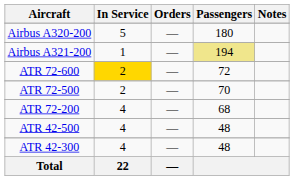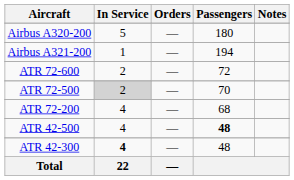 <table class="wikitable" style="margin:0.5em auto; text-align:center">
 <tr>
 <th>Aircraft</th>
 <th>In Service</th>
 <th>Orders</th>
 <th>Passengers</th>
 <th>Notes</th>
 </tr>
 <tr>
 </tr>
 <tr>
 <td><a href='#'>Airbus A320-200</a></td>
 <td align="center">5</td>
 <td align="center">—</td>
 <td align="center">180</td>
 <td></td>
 </tr>
 <tr>
 </tr>
 <tr>
 <td><a href='#'>Airbus A321-200</a></td>
 <td align="center">1</td>
 <td align="center">—</td>
-<td align="center" style="background: khaki;">194</td>
+<td align="center">194</td>
 <td></td>
 </tr>
 <tr>
 </tr>
 <tr>
 <td><a href='#'>ATR 72-600</a></td>
-<td align="center" style="background: gold;">2</td>
+<td align="center">2</td>
 <td align="center">—</td>
 <td align="center">72</td>
 <td></td>
 </tr>
 <tr>
 </tr>
 <tr>
 <td><a href='#'>ATR 72-500</a></td>
-<td align="center">2</td>
+<td align="center" style="background: lightgrey;">2</td>
 <td align="center">—</td>
 <td align="center">70</td>
 <td></td>
 </tr>
 <tr>
 </tr>
 <tr>
 <td><a href='#'>ATR 72-200</a></td>
 <td align="center">4</td>
 <td align="center">—</td>
 <td align="center">68</td>
 <td></td>
 </tr>
 <tr>
 </tr>
 <tr>
 <td><a href='#'>ATR 42-500</a></td>
 <td align="center">4</td>
 <td align="center">—</td>
-<td align="center">48</td>
+<td align="center"><strong>48</strong></td>
 <td></td>
 </tr>
 <tr>
 </tr>
 <tr>
 <td><a href='#'>ATR 42-300</a></td>
-<td align="center">4</td>
+<td align="center"><strong>4</strong></td>
 <td align="center">—</td>
 <td align="center">48</td>
 <td></td>
 </tr>
 <tr>
 <th>Total</th>
 <th>22</th>
 <th>—</th>
 <th colspan="3"></th>
 </tr>
 </table>
